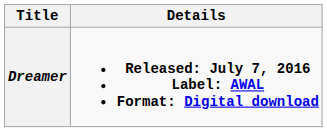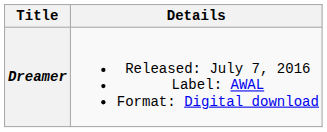 <table class="wikitable plainrowheaders" style="text-align:center">
 <tr>
 <th scope="col" rowspan="1">Title</th>
 <th scope="col" rowspan="1">Details</th>
 </tr>
 <tr>
 <th scope="row"><em>Dreamer</em></th>
-<td><strong><br><ul><li>Released: July 7, 2016</li><li>Label: <a href='#'>AWAL</a></li><li>Format: <a href='#'>Digital download</a></li></ul></strong></td>
+<td><br><ul><li>Released: July 7, 2016</li><li>Label: <a href='#'>AWAL</a></li><li>Format: <a href='#'>Digital download</a></li></ul></td>
 </tr>
 </table>
